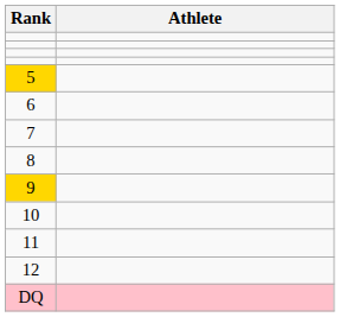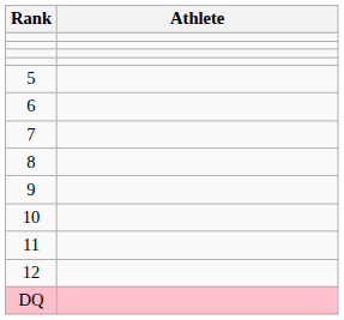 <table class="wikitable" style="text-align: center;">
 <tr>
 <th width=40>Rank</th>
 <th width=250>Athlete</th>
 </tr>
 <tr>
 <td></td>
 <td align="left"></td>
 </tr>
 <tr>
 <td></td>
 <td align="left"></td>
 </tr>
 <tr>
 <td></td>
 <td align="left"></td>
 </tr>
 <tr>
 <td></td>
 <td align="left"></td>
 </tr>
 <tr>
-<td style="background: gold;">5</td>
+<td>5</td>
 <td align="left"></td>
 </tr>
 <tr>
 <td>6</td>
 <td align="left"></td>
 </tr>
 <tr>
 <td>7</td>
 <td align="left"></td>
 </tr>
 <tr>
 <td>8</td>
 <td align="left"></td>
 </tr>
 <tr>
-<td style="background: gold;">9</td>
+<td>9</td>
 <td align="left"></td>
 </tr>
 <tr>
 <td>10</td>
 <td align="left"></td>
 </tr>
 <tr>
 <td>11</td>
 <td align="left"></td>
 </tr>
 <tr>
 <td>12</td>
 <td align="left"></td>
 </tr>
 <tr bgcolor=pink>
 <td>DQ</td>
 <td align="left"></td>
 </tr>
 </table>
